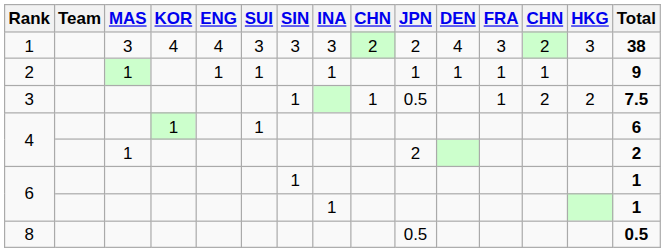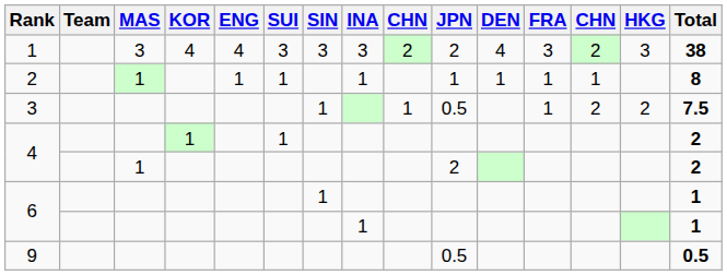 <table class=wikitable style="font-size:89%; text-align:center">
 <tr>
 <th>Rank</th>
 <th>Team</th>
 <th><a href='#'>MAS</a></th>
 <th><a href='#'>KOR</a></th>
 <th><a href='#'>ENG</a></th>
 <th><a href='#'>SUI</a></th>
 <th><a href='#'>SIN</a></th>
 <th><a href='#'>INA</a></th>
 <th><a href='#'>CHN</a></th>
 <th><a href='#'>JPN</a></th>
 <th><a href='#'>DEN</a></th>
 <th><a href='#'>FRA</a></th>
 <th><a href='#'>CHN</a></th>
 <th><a href='#'>HKG</a></th>
 <th>Total</th>
 </tr>
 <tr>
 <td>1</td>
 <td align="left"></td>
 <td>3</td>
 <td>4</td>
 <td>4</td>
 <td>3</td>
 <td>3</td>
 <td>3</td>
 <td bgcolor="#CCFFCC">2</td>
 <td>2</td>
 <td>4</td>
 <td>3</td>
 <td bgcolor="#CCFFCC">2</td>
 <td>3</td>
 <td><strong>38</strong></td>
 </tr>
 <tr>
 <td>2</td>
 <td align="left"></td>
 <td bgcolor="#CCFFCC">1</td>
 <td></td>
 <td>1</td>
 <td>1</td>
 <td></td>
 <td>1</td>
 <td></td>
 <td>1</td>
 <td>1</td>
 <td>1</td>
 <td>1</td>
 <td></td>
-<td><strong>9</strong></td>
+<td><strong>8</strong></td>
 </tr>
 <tr>
 <td>3</td>
 <td align="left"></td>
 <td></td>
 <td></td>
 <td></td>
 <td></td>
 <td>1</td>
 <td bgcolor="#CCFFCC"></td>
 <td>1</td>
 <td>0.5</td>
 <td></td>
 <td>1</td>
 <td>2</td>
 <td>2</td>
 <td><strong>7.5</strong></td>
 </tr>
 <tr>
 <td rowspan="2">4</td>
 <td align="left"></td>
 <td></td>
 <td bgcolor="#CCFFCC">1</td>
 <td></td>
 <td>1</td>
 <td></td>
 <td></td>
 <td></td>
 <td></td>
 <td></td>
 <td></td>
 <td></td>
 <td></td>
-<td><strong>6</strong></td>
+<td><strong>2</strong></td>
 </tr>
 <tr>
 <td align="left"></td>
 <td>1</td>
 <td></td>
 <td></td>
 <td></td>
 <td></td>
 <td></td>
 <td></td>
 <td>2</td>
 <td bgcolor="#CCFFCC"></td>
 <td></td>
 <td></td>
 <td></td>
 <td><strong>2</strong></td>
 </tr>
 <tr>
 <td rowspan="2">6</td>
 <td align="left"></td>
 <td></td>
 <td></td>
 <td></td>
 <td></td>
 <td>1</td>
 <td></td>
 <td></td>
 <td></td>
 <td></td>
 <td></td>
 <td></td>
 <td></td>
 <td><strong>1</strong></td>
 </tr>
 <tr>
 <td align="left"></td>
 <td></td>
 <td></td>
 <td></td>
 <td></td>
 <td></td>
 <td>1</td>
 <td></td>
 <td></td>
 <td></td>
 <td></td>
 <td></td>
 <td bgcolor="#CCFFCC"></td>
 <td><strong>1</strong></td>
 </tr>
 <tr>
-<td>8</td>
+<td>9</td>
 <td align="left"></td>
 <td></td>
 <td></td>
 <td></td>
 <td></td>
 <td></td>
 <td></td>
 <td></td>
 <td>0.5</td>
 <td></td>
 <td></td>
 <td></td>
 <td></td>
 <td><strong>0.5</strong></td>
 </tr>
 </table>
